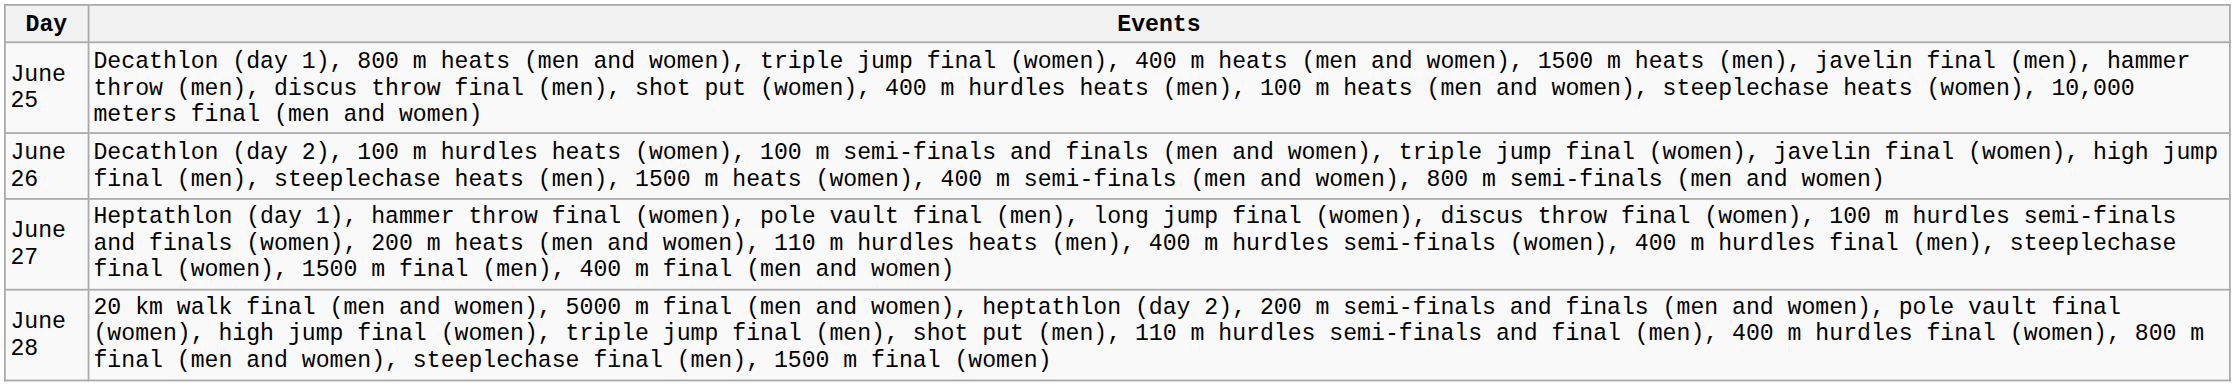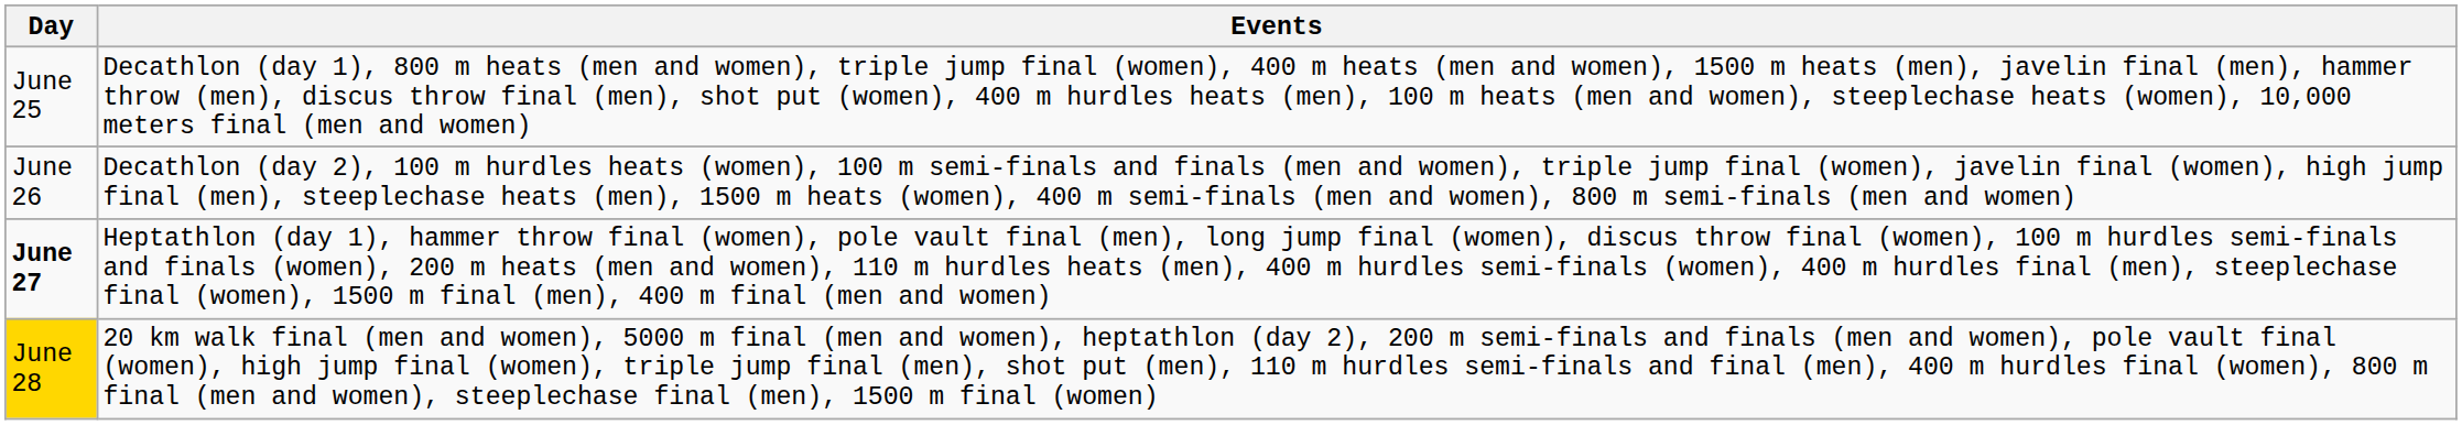 <table class="wikitable sortable">
 <tr>
 <th>Day</th>
 <th>Events</th>
 </tr>
 <tr>
 <td>June 25</td>
 <td>Decathlon (day 1), 800 m heats (men and women), triple jump final (women), 400 m heats (men and women), 1500 m heats (men), javelin final (men), hammer throw (men), discus throw final (men), shot put (women), 400 m hurdles heats (men), 100 m heats (men and women), steeplechase heats (women), 10,000 meters final (men and women)</td>
 </tr>
 <tr>
 <td>June 26</td>
 <td>Decathlon (day 2), 100 m hurdles heats (women), 100 m semi-finals and finals (men and women), triple jump final (women), javelin final (women), high jump final (men), steeplechase heats (men), 1500 m heats (women), 400 m semi-finals (men and women), 800 m semi-finals (men and women)</td>
 </tr>
 <tr>
-<td>June 27</td>
+<td><strong>June 27</strong></td>
 <td>Heptathlon (day 1), hammer throw final (women), pole vault final (men), long jump final (women), discus throw final (women), 100 m hurdles semi-finals and finals (women), 200 m heats (men and women), 110 m hurdles heats (men), 400 m hurdles semi-finals (women), 400 m hurdles final (men), steeplechase final (women), 1500 m final (men), 400 m final (men and women)</td>
 </tr>
 <tr>
-<td>June 28</td>
+<td style="background: gold;">June 28</td>
 <td>20 km walk final (men and women), 5000 m final (men and women), heptathlon (day 2), 200 m semi-finals and finals (men and women), pole vault final (women), high jump final (women), triple jump final (men), shot put (men), 110 m hurdles semi-finals and final (men), 400 m hurdles final (women), 800 m final (men and women), steeplechase final (men), 1500 m final (women)</td>
 </tr>
 </table>
